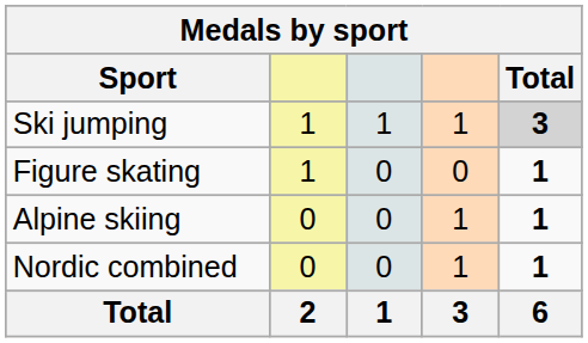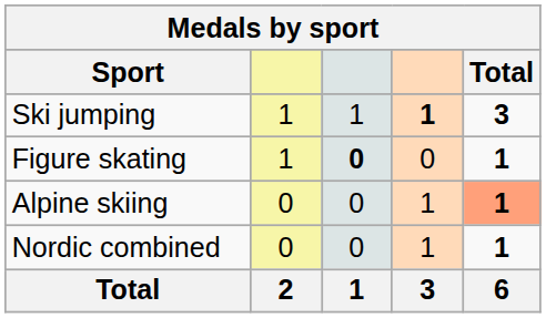 <table class="wikitable" style="font-size:90%; text-align:center;">
 <tr>
 <th colspan=5>Medals by sport</th>
 </tr>
 <tr>
 <th width=120>Sport</th>
 <th scope="col" width=30 style="background:#F7F6A8;"></th>
 <th scope="col" width=30 style="background:#DCE5E5;"></th>
 <th scope="col" width=30 style="background:#FFDAB9;"></th>
 <th width=30>Total</th>
 </tr>
 <tr>
 <td align=left>Ski jumping</td>
 <td style="background:#F7F6A8;">1</td>
 <td style="background:#DCE5E5;">1</td>
-<td style="background:#FFDAB9;">1</td>
-<td style="background: lightgrey;"><strong>3</strong></td>
+<td style="background:#FFDAB9;"><strong>1</strong></td>
+<td><strong>3</strong></td>
 </tr>
 <tr>
 <td align=left>Figure skating</td>
 <td style="background:#F7F6A8;">1</td>
-<td style="background:#DCE5E5;">0</td>
+<td style="background:#DCE5E5;"><strong>0</strong></td>
 <td style="background:#FFDAB9;">0</td>
 <td><strong>1</strong></td>
 </tr>
 <tr>
 <td align=left>Alpine skiing</td>
 <td style="background:#F7F6A8;">0</td>
 <td style="background:#DCE5E5;">0</td>
 <td style="background:#FFDAB9;">1</td>
-<td><strong>1</strong></td>
+<td style="background: lightsalmon;"><strong>1</strong></td>
 </tr>
 <tr>
 <td align=left>Nordic combined</td>
 <td style="background:#F7F6A8;">0</td>
 <td style="background:#DCE5E5;">0</td>
 <td style="background:#FFDAB9;">1</td>
 <td><strong>1</strong></td>
 </tr>
 <tr class="sortbottom">
 <th>Total</th>
 <th>2</th>
 <th>1</th>
 <th>3</th>
 <th>6</th>
 </tr>
 </table>
